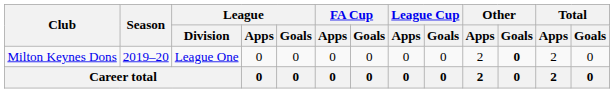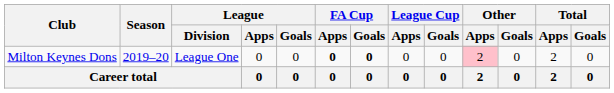 <table class="wikitable" style="text-align: center">
 <tr>
 <th rowspan="2">Club</th>
 <th rowspan="2">Season</th>
 <th colspan="3">League</th>
 <th colspan="2"><a href='#'>FA Cup</a></th>
 <th colspan="2"><a href='#'>League Cup</a></th>
 <th colspan="2">Other</th>
 <th colspan="2">Total</th>
 </tr>
 <tr>
 <th>Division</th>
 <th>Apps</th>
 <th>Goals</th>
 <th>Apps</th>
 <th>Goals</th>
 <th>Apps</th>
 <th>Goals</th>
 <th>Apps</th>
 <th>Goals</th>
 <th>Apps</th>
 <th>Goals</th>
 </tr>
 <tr>
 <td><a href='#'>Milton Keynes Dons</a></td>
 <td><a href='#'>2019–20</a></td>
 <td><a href='#'>League One</a></td>
 <td>0</td>
 <td>0</td>
+<td><strong>0</strong></td>
+<td><strong>0</strong></td>
 <td>0</td>
 <td>0</td>
+<td style="background: pink;">2</td>
 <td>0</td>
-<td>0</td>
-<td>2</td>
-<td><strong>0</strong></td>
 <td>2</td>
 <td>0</td>
 </tr>
 <tr>
 <th colspan="3">Career total</th>
 <th>0</th>
 <th>0</th>
 <th>0</th>
 <th>0</th>
 <th>0</th>
 <th>0</th>
 <th>2</th>
 <th>0</th>
 <th>2</th>
 <th>0</th>
 </tr>
 </table>
